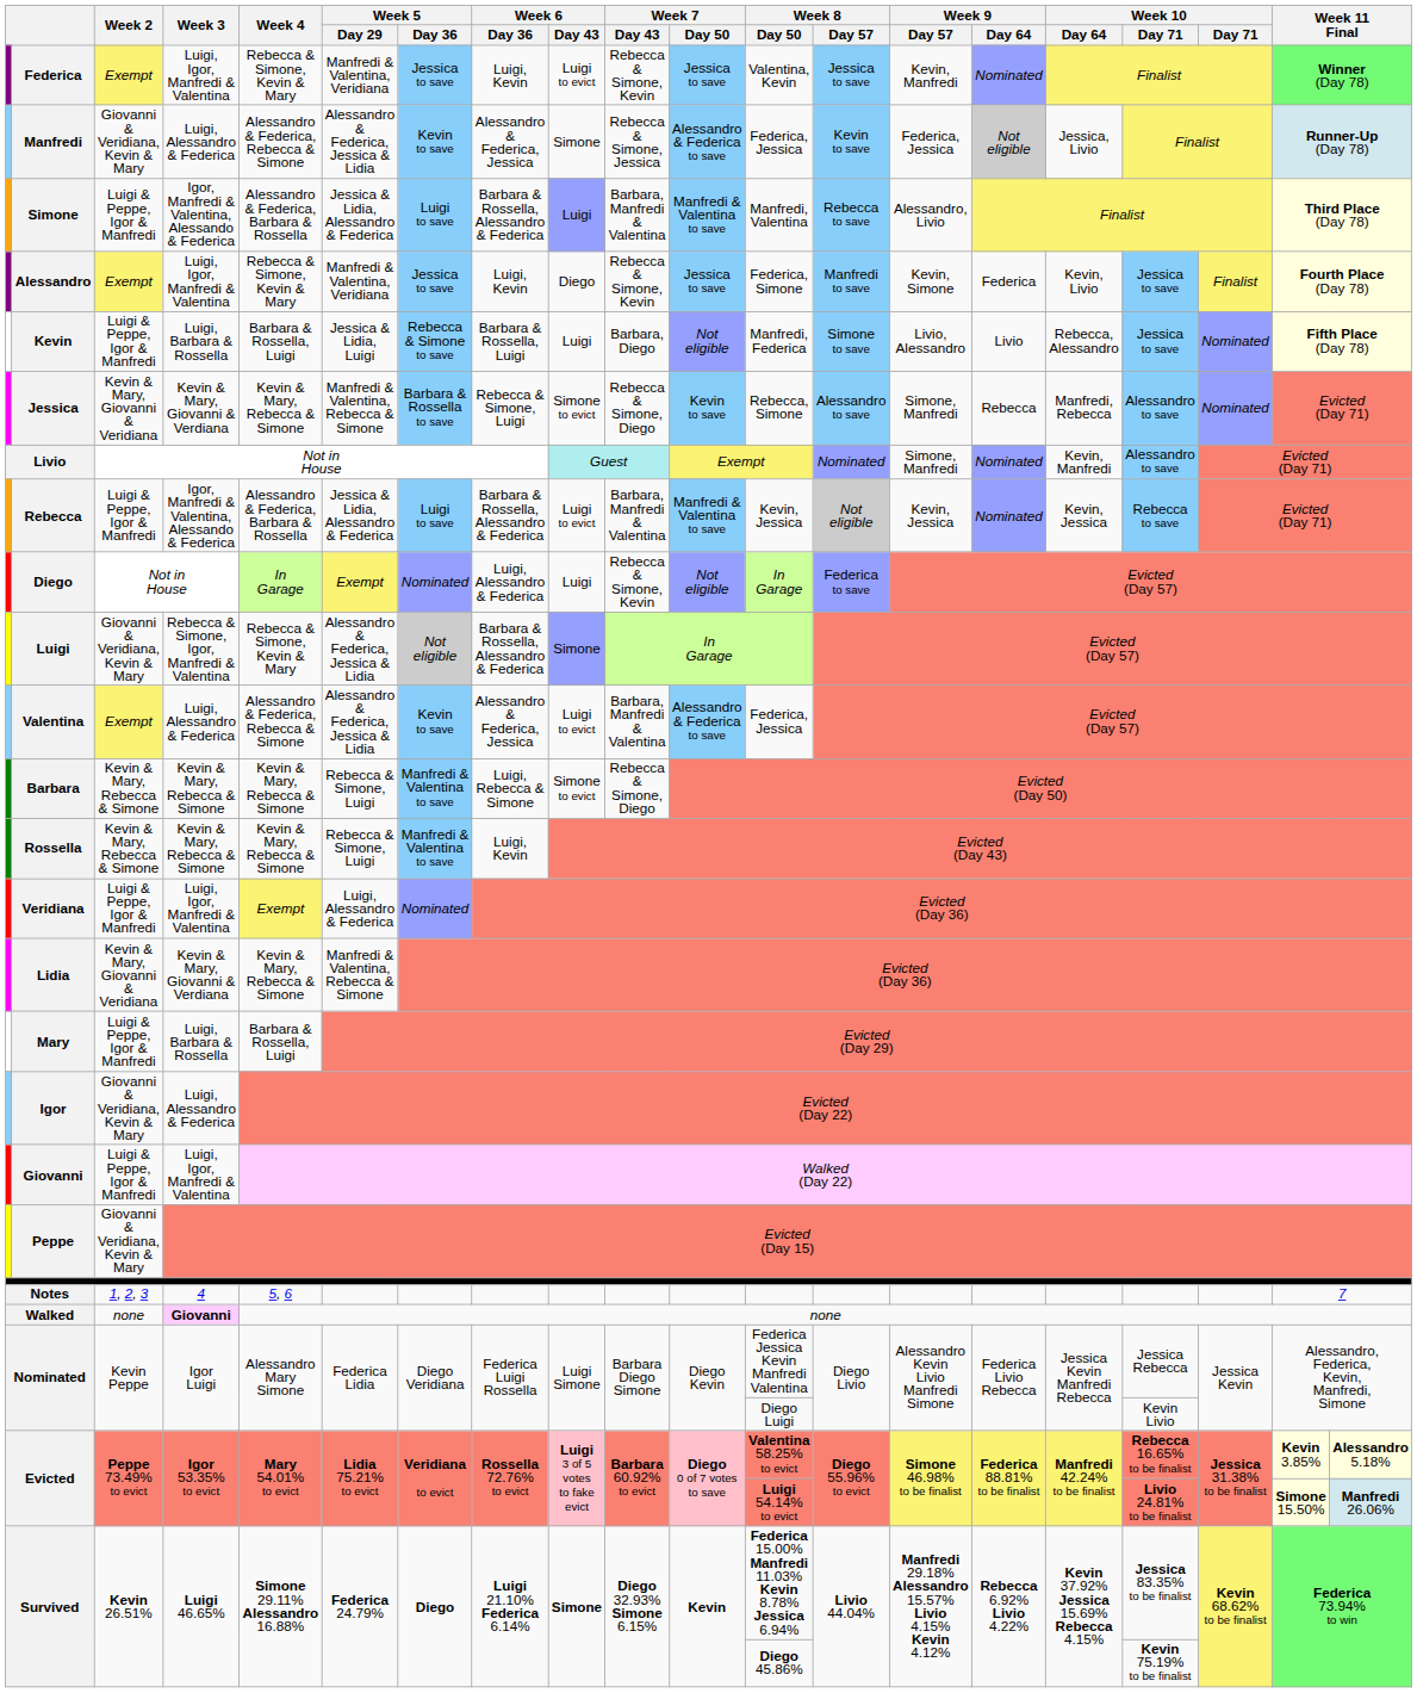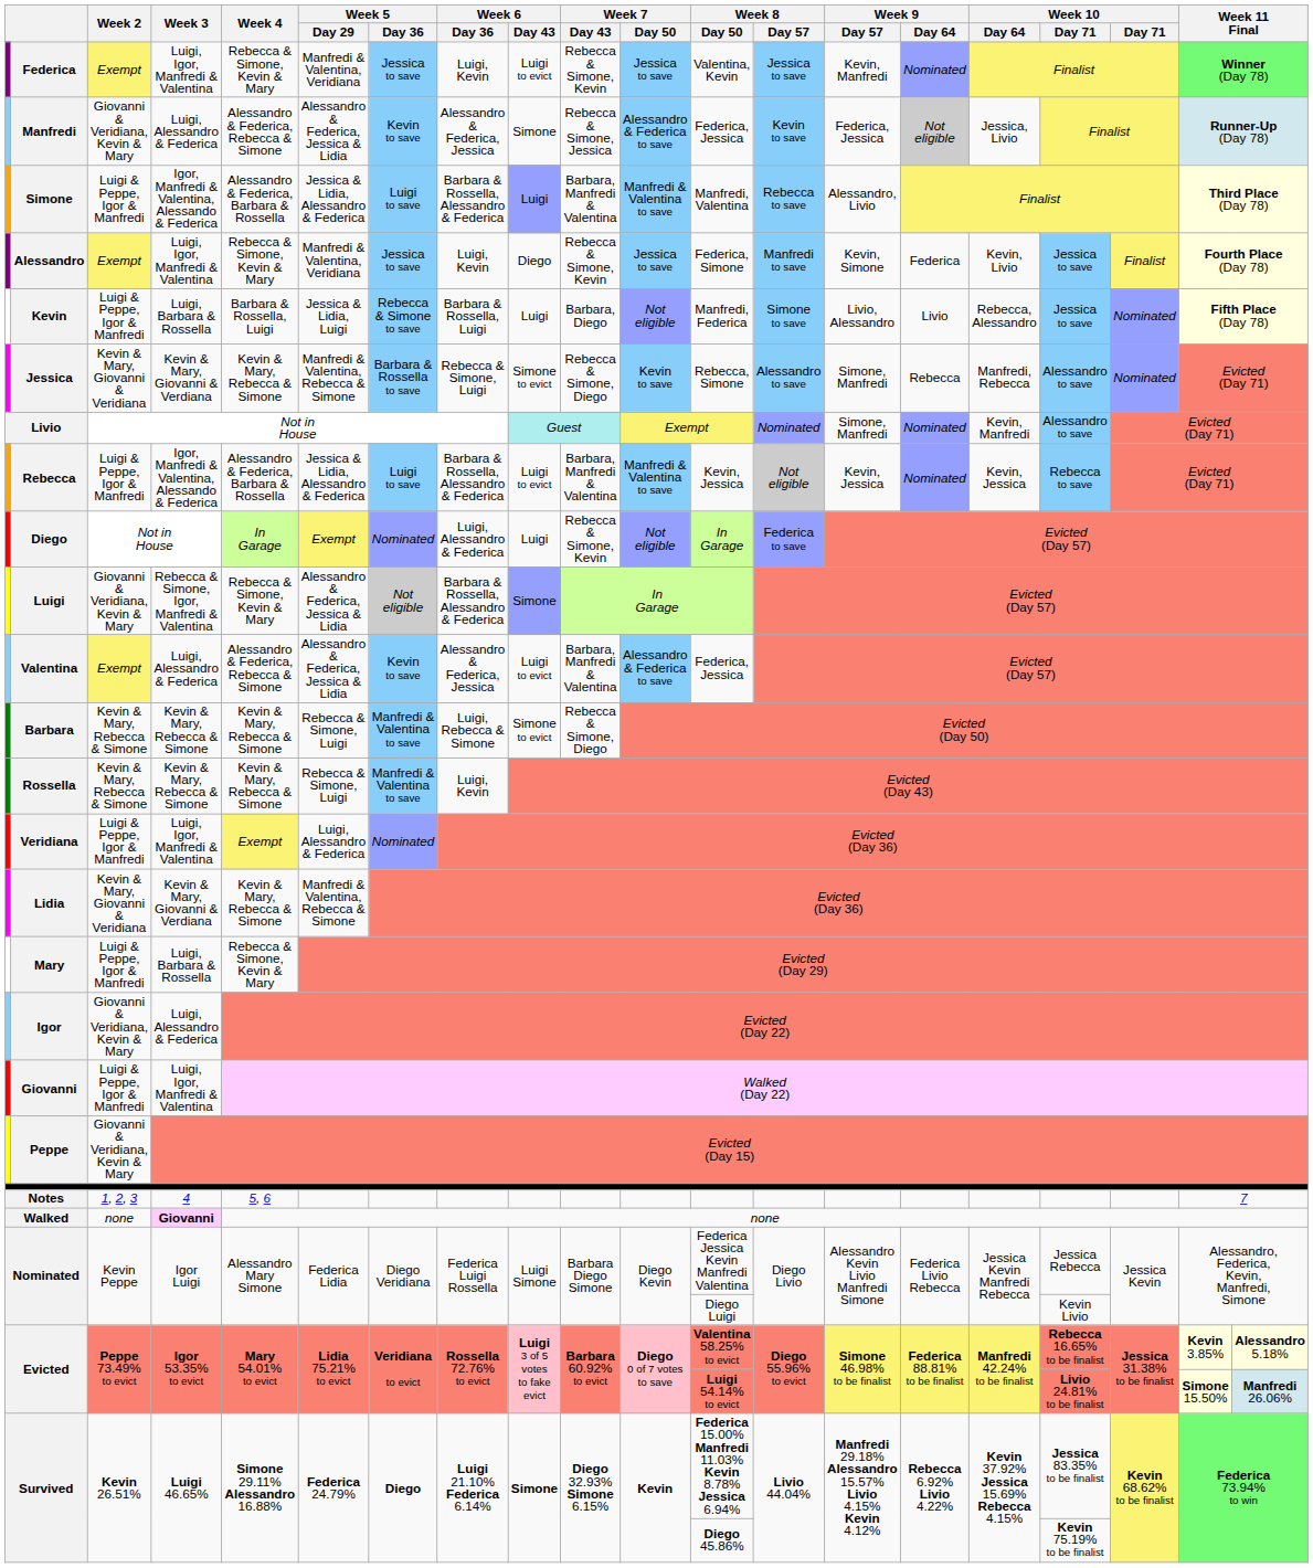 <table class="wikitable" style="text-align:center; width:100%; font-size:85%; line-height:13px;">
 <tr>
 <th style="width:5%;" rowspan="2" colspan="2"></th>
 <th style="width:5%;" rowspan="2">Week 2</th>
 <th style="width:5%;" rowspan="2">Week 3</th>
 <th style="width:5%;" rowspan="2">Week 4</th>
 <th style="width:5%;" colspan="2">Week 5</th>
 <th style="width:5%;" colspan="2">Week 6</th>
 <th style="width:5%;" colspan="2">Week 7</th>
 <th style="width:5%;" colspan="2">Week 8</th>
 <th style="width:5%;" colspan="2">Week 9</th>
 <th style="width:5%;" colspan="3">Week 10</th>
 <th style="width:5%;" rowspan="2" colspan="2">Week 11<br>Final</th>
 </tr>
 <tr>
 <th style="width:5%;">Day 29</th>
 <th style="width:5%;">Day 36</th>
 <th style="width:5%;">Day 36</th>
 <th style="width:5%;">Day 43</th>
 <th style="width:5%;">Day 43</th>
 <th style="width:5%;">Day 50</th>
 <th style="width:5%;">Day 50</th>
 <th style="width:5%;">Day 57</th>
 <th style="width:5%;">Day 57</th>
 <th style="width:5%;">Day 64</th>
 <th style="width:5%;">Day 64</th>
 <th style="width:5%;">Day 71</th>
 <th style="width:5%;">Day 71</th>
 </tr>
 <tr>
 <td style="background:#800080"></td>
 <th>Federica</th>
 <td style="background:#FBF373;"><em>Exempt</em></td>
 <td>Luigi,<br>Igor,<br>Manfredi & Valentina</td>
 <td>Rebecca & Simone,<br>Kevin & Mary</td>
 <td>Manfredi & Valentina,<br>Veridiana</td>
 <td style="background:#87CEFA">Jessica<br><small>to save</small></td>
 <td>Luigi,<br>Kevin</td>
 <td>Luigi<br><small>to evict</small></td>
 <td>Rebecca & Simone,<br>Kevin</td>
 <td style="background:#87CEFA">Jessica<br><small>to save</small></td>
 <td>Valentina,<br>Kevin</td>
 <td style="background:#87CEFA">Jessica<br><small>to save</small></td>
 <td>Kevin,<br>Manfredi</td>
 <td style="background:#959ffd"><em>Nominated</em></td>
 <td colspan=3 style="background:#FBF373;"><em>Finalist</em></td>
 <td style="background:#73FB76;" colspan="2"><strong>Winner</strong><br>(Day 78)</td>
 </tr>
 <tr>
 <td style="background:#87CEFA"></td>
 <th>Manfredi</th>
 <td>Giovanni & Veridiana,<br>Kevin & Mary</td>
 <td>Luigi,<br>Alessandro & Federica</td>
 <td>Alessandro & Federica,<br>Rebecca & Simone</td>
 <td>Alessandro & Federica,<br>Jessica & Lidia</td>
 <td style="background:#87CEFA">Kevin<br><small>to save</small></td>
 <td>Alessandro & Federica,<br>Jessica</td>
 <td>Simone</td>
 <td>Rebecca & Simone,<br>Jessica</td>
 <td style="background:#87CEFA">Alessandro & Federica<br><small>to save</small></td>
 <td>Federica,<br>Jessica</td>
 <td style="background:#87CEFA">Kevin<br><small>to save</small></td>
 <td>Federica,<br>Jessica</td>
 <td style="background:#ccc"><em>Not<br>eligible</em></td>
 <td>Jessica,<br>Livio</td>
 <td colspan="2" style="background:#FBF373;"><em>Finalist</em></td>
 <td style="background:#D1E8EF;" colspan="2"><strong>Runner-Up</strong><br>(Day 78)</td>
 </tr>
 <tr>
 <td bgcolor="orange"></td>
 <th>Simone</th>
 <td>Luigi & Peppe,<br>Igor & Manfredi</td>
 <td>Igor,<br>Manfredi & Valentina,<br>Alessando & Federica</td>
 <td>Alessandro & Federica,<br>Barbara & Rossella</td>
 <td>Jessica & Lidia,<br>Alessandro & Federica</td>
 <td style="background:#87CEFA">Luigi<br><small>to save</small></td>
 <td>Barbara & Rossella,<br>Alessandro & Federica</td>
 <td style="background:#959ffd">Luigi</td>
 <td>Barbara,<br>Manfredi & Valentina</td>
 <td style="background:#87CEFA">Manfredi & Valentina<br><small>to save</small></td>
 <td>Manfredi,<br>Valentina</td>
 <td style="background:#87CEFA">Rebecca<br><small>to save</small></td>
 <td>Alessandro,<br>Livio</td>
 <td colspan="4" style="background:#FBF373;"><em>Finalist</em></td>
 <td style="background:#FFFFDD;" colspan="2"><strong>Third Place</strong><br>(Day 78)</td>
 </tr>
 <tr>
 <td style="background:#800080"></td>
 <th>Alessandro</th>
 <td style="background:#FBF373;"><em>Exempt</em></td>
 <td>Luigi,<br>Igor,<br>Manfredi & Valentina</td>
 <td>Rebecca & Simone,<br>Kevin & Mary</td>
 <td>Manfredi & Valentina,<br>Veridiana</td>
 <td style="background:#87CEFA">Jessica<br><small>to save</small></td>
 <td>Luigi,<br>Kevin</td>
 <td>Diego</td>
 <td>Rebecca & Simone,<br>Kevin</td>
 <td style="background:#87CEFA">Jessica<br><small>to save</small></td>
 <td>Federica,<br>Simone</td>
 <td style="background:#87CEFA">Manfredi<br><small>to save</small></td>
 <td>Kevin,<br>Simone</td>
 <td>Federica</td>
 <td>Kevin,<br>Livio</td>
 <td style="background:#87CEFA">Jessica<br><small>to save</small></td>
 <td style="background:#FBF373;"><em>Finalist</em></td>
 <td style="background:#FFFFDD;" colspan="2"><strong>Fourth Place</strong><br>(Day 78)</td>
 </tr>
 <tr>
 <td bgcolor="white"></td>
 <th>Kevin</th>
 <td>Luigi & Peppe,<br>Igor & Manfredi</td>
 <td>Luigi,<br>Barbara & Rossella</td>
 <td>Barbara & Rossella,<br>Luigi</td>
 <td>Jessica & Lidia,<br>Luigi</td>
 <td style="background:#87CEFA">Rebecca & Simone<br><small>to save</small></td>
 <td>Barbara & Rossella,<br>Luigi</td>
 <td>Luigi</td>
 <td>Barbara,<br>Diego</td>
 <td style="background:#959ffd"><em>Not<br>eligible</em></td>
 <td>Manfredi,<br>Federica</td>
 <td style="background:#87CEFA">Simone<br><small>to save</small></td>
 <td>Livio,<br>Alessandro</td>
 <td>Livio</td>
 <td>Rebecca,<br>Alessandro</td>
 <td style="background:#87CEFA">Jessica<br><small>to save</small></td>
 <td style="background:#959ffd"><em>Nominated</em></td>
 <td style="background:#FFFFDD;" colspan="2"><strong>Fifth Place</strong><br>(Day 78)</td>
 </tr>
 <tr>
 <td style="background:#FF00FF"></td>
 <th>Jessica</th>
 <td>Kevin & Mary,<br>Giovanni & Veridiana</td>
 <td>Kevin & Mary,<br>Giovanni & Verdiana</td>
 <td>Kevin & Mary,<br>Rebecca & Simone</td>
 <td>Manfredi & Valentina,<br>Rebecca & Simone</td>
 <td style="background:#87CEFA">Barbara & Rossella<br><small>to save</small></td>
 <td>Rebecca & Simone,<br>Luigi</td>
 <td>Simone<br><small>to evict</small></td>
 <td>Rebecca & Simone,<br>Diego</td>
 <td style="background:#87CEFA">Kevin<br><small>to save</small></td>
 <td>Rebecca,<br>Simone</td>
 <td style="background:#87CEFA">Alessandro<br><small>to save</small></td>
 <td>Simone,<br>Manfredi</td>
 <td>Rebecca</td>
 <td>Manfredi,<br>Rebecca</td>
 <td style="background:#87CEFA">Alessandro<br><small>to save</small></td>
 <td style="background:#959ffd"><em>Nominated</em></td>
 <td style="background:#FA8072" colspan="2"><em>Evicted</em><br>(Day 71)</td>
 </tr>
 <tr>
 <th colspan=2>Livio</th>
 <td style=background:white colspan="6"><em>Not in<br>House</em></td>
 <td colspan=2 style="background:#AFEEEE"><em>Guest</em></td>
 <td colspan=2 style="background:#FBF373;"><em>Exempt</em></td>
 <td style="background:#959ffd"><em>Nominated</em></td>
 <td>Simone,<br>Manfredi</td>
 <td style="background:#959ffd"><em>Nominated</em></td>
 <td>Kevin,<br>Manfredi</td>
 <td style="background:#87CEFA">Alessandro<br><small>to save</small></td>
 <td style="background:#FA8072" colspan="3"><em>Evicted</em><br>(Day 71)</td>
 </tr>
 <tr>
 <td bgcolor="orange"></td>
 <th>Rebecca</th>
 <td>Luigi & Peppe,<br>Igor & Manfredi</td>
 <td>Igor,<br>Manfredi & Valentina,<br>Alessando & Federica</td>
 <td>Alessandro & Federica,<br>Barbara & Rossella</td>
 <td>Jessica & Lidia,<br>Alessandro & Federica</td>
 <td style="background:#87CEFA">Luigi<br><small>to save</small></td>
 <td>Barbara & Rossella,<br>Alessandro & Federica</td>
 <td>Luigi<br><small>to evict</small></td>
 <td>Barbara,<br>Manfredi & Valentina</td>
 <td style="background:#87CEFA">Manfredi & Valentina<br><small>to save</small></td>
 <td>Kevin,<br>Jessica</td>
 <td style="background:#ccc"><em>Not<br>eligible</em></td>
 <td>Kevin,<br>Jessica</td>
 <td style="background:#959ffd"><em>Nominated</em></td>
 <td>Kevin,<br>Jessica</td>
 <td style="background:#87CEFA">Rebecca<br><small>to save</small></td>
 <td colspan="3" style="background:#FA8072"><em>Evicted</em><br>(Day 71)</td>
 </tr>
 <tr>
 <td style="background:#FF0000"></td>
 <th>Diego</th>
 <td style=background:white colspan="2"><em>Not in<br>House</em></td>
 <td style="background:#CCFF99"><em>In<br>Garage</em></td>
 <td style="background:#FBF373;"><em>Exempt</em></td>
 <td style="background:#959ffd"><em>Nominated</em></td>
 <td>Luigi,<br>Alessandro & Federica</td>
 <td>Luigi</td>
 <td>Rebecca & Simone,<br>Kevin</td>
 <td style="background:#959ffd"><em>Not<br>eligible</em></td>
 <td style="background:#CCFF99"><em>In<br>Garage</em></td>
 <td style="background:#959ffd">Federica<br><small>to save</small></td>
 <td style="background:#FA8072" colspan="7"><em>Evicted</em><br>(Day 57)</td>
 </tr>
 <tr>
 <td style="background:#FFFF00"></td>
 <th>Luigi</th>
 <td>Giovanni & Veridiana,<br>Kevin & Mary</td>
 <td>Rebecca & Simone,<br>Igor,<br>Manfredi & Valentina</td>
 <td>Rebecca & Simone,<br>Kevin & Mary</td>
 <td>Alessandro & Federica,<br>Jessica & Lidia</td>
 <td style="background:#ccc"><em>Not<br>eligible</em></td>
 <td>Barbara & Rossella,<br>Alessandro & Federica</td>
 <td style="background:#959ffd">Simone</td>
 <td colspan=3 style="background:#CCFF99"><em>In<br>Garage</em></td>
 <td style="background:#FA8072" colspan="8"><em>Evicted</em><br>(Day 57)</td>
 </tr>
 <tr>
 <td style="background:#87CEFA"></td>
 <th>Valentina</th>
 <td style="background:#FBF373;"><em>Exempt</em></td>
 <td>Luigi,<br>Alessandro & Federica</td>
 <td>Alessandro & Federica,<br>Rebecca & Simone</td>
 <td>Alessandro & Federica,<br>Jessica & Lidia</td>
 <td style="background:#87CEFA">Kevin<br><small>to save</small></td>
 <td>Alessandro & Federica,<br>Jessica</td>
 <td>Luigi<br><small>to evict</small></td>
 <td>Barbara,<br>Manfredi & Valentina</td>
 <td style="background:#87CEFA">Alessandro & Federica<br><small>to save</small></td>
 <td>Federica,<br>Jessica</td>
 <td colspan="8" style="background:#FA8072"><em>Evicted</em><br>(Day 57)</td>
 </tr>
 <tr>
 <td style="background:#008000"></td>
 <th>Barbara</th>
 <td>Kevin & Mary,<br>Rebecca & Simone</td>
 <td>Kevin & Mary,<br>Rebecca & Simone</td>
 <td>Kevin & Mary,<br>Rebecca & Simone</td>
 <td>Rebecca & Simone,<br>Luigi</td>
 <td style="background:#87CEFA">Manfredi & Valentina<br><small>to save</small></td>
 <td>Luigi,<br>Rebecca & Simone</td>
 <td>Simone<br><small>to evict</small></td>
 <td>Rebecca & Simone,<br>Diego</td>
 <td colspan="10" style="background:#FA8072"><em>Evicted</em><br>(Day 50)</td>
 </tr>
 <tr>
 <td style="background:#008000"></td>
 <th>Rossella</th>
 <td>Kevin & Mary,<br>Rebecca & Simone</td>
 <td>Kevin & Mary,<br>Rebecca & Simone</td>
 <td>Kevin & Mary,<br>Rebecca & Simone</td>
 <td>Rebecca & Simone,<br>Luigi</td>
 <td style="background:#87CEFA">Manfredi & Valentina<br><small>to save</small></td>
 <td>Luigi,<br>Kevin</td>
 <td colspan="12" style="background:#FA8072"><em>Evicted</em><br>(Day 43)</td>
 </tr>
 <tr>
 <td style="background:#FF0000"></td>
 <th>Veridiana</th>
 <td>Luigi & Peppe,<br>Igor & Manfredi</td>
 <td>Luigi,<br>Igor,<br>Manfredi & Valentina</td>
 <td style="background:#FBF373;"><em>Exempt</em></td>
 <td>Luigi,<br>Alessandro & Federica</td>
 <td style="background:#959ffd"><em>Nominated</em></td>
 <td style="background:#FA8072" colspan="13"><em>Evicted</em><br>(Day 36)</td>
 </tr>
 <tr>
 <td style="background:#FF00FF"></td>
 <th>Lidia</th>
 <td>Kevin & Mary,<br>Giovanni & Veridiana</td>
 <td>Kevin & Mary,<br>Giovanni & Verdiana</td>
 <td>Kevin & Mary,<br>Rebecca & Simone</td>
 <td>Manfredi & Valentina,<br>Rebecca & Simone</td>
 <td colspan="14" style="background:#FA8072"><em>Evicted</em><br>(Day 36)</td>
 </tr>
 <tr>
 <td bgcolor="white"></td>
 <th>Mary</th>
 <td>Luigi & Peppe,<br>Igor & Manfredi</td>
 <td>Luigi,<br>Barbara & Rossella</td>
-<td>Barbara & Rossella,<br>Luigi</td>
+<td>Rebecca & Simone,<br>Kevin & Mary</td>
 <td colspan="15" style="background:#FA8072"><em>Evicted</em><br>(Day 29)</td>
 </tr>
 <tr>
 <td style="background:#87CEFA"></td>
 <th>Igor</th>
 <td>Giovanni & Veridiana,<br>Kevin & Mary</td>
 <td>Luigi,<br>Alessandro & Federica</td>
 <td colspan="16" style="background:#FA8072"><em>Evicted</em><br>(Day 22)</td>
 </tr>
 <tr>
 <td style="background:#FF0000"></td>
 <th>Giovanni</th>
 <td>Luigi & Peppe,<br>Igor & Manfredi</td>
 <td>Luigi,<br>Igor,<br>Manfredi & Valentina</td>
 <td colspan="16" style="background:#fcf"><em>Walked</em><br>(Day 22)</td>
 </tr>
 <tr>
 <td style="background:#FFFF00"></td>
 <th>Peppe</th>
 <td>Giovanni & Veridiana,<br>Kevin & Mary</td>
 <td colspan="17" style="background:#FA8072"><em>Evicted</em><br>(Day 15)</td>
 </tr>
 <tr>
 <td colspan="20" bgcolor="black"></td>
 </tr>
 <tr>
 <th colspan=2>Notes</th>
 <td><em><a href='#'>1</a>, <a href='#'>2</a>, <a href='#'>3</a></em></td>
 <td><em><a href='#'>4</a></em></td>
 <td><em><a href='#'>5</a>, <a href='#'>6</a></em></td>
 <td></td>
 <td></td>
 <td></td>
 <td></td>
 <td></td>
 <td></td>
 <td></td>
 <td></td>
 <td></td>
 <td></td>
 <td></td>
 <td></td>
 <td></td>
 <td colspan=2><em><a href='#'>7</a></em></td>
 </tr>
 <tr>
 <th colspan=2>Walked</th>
 <td><em>none</em></td>
 <td style="background:#fcf;"><strong>Giovanni</strong></td>
 <td colspan="16"><em>none</em></td>
 </tr>
 <tr>
 <th rowspan=2 colspan=2>Nominated</th>
 <td rowspan=2>Kevin<br>Peppe</td>
 <td rowspan=2>Igor<br>Luigi</td>
 <td rowspan=2>Alessandro<br>Mary<br>Simone</td>
 <td rowspan=2>Federica<br>Lidia</td>
 <td rowspan=2>Diego<br>Veridiana</td>
 <td rowspan=2>Federica<br>Luigi<br>Rossella</td>
 <td rowspan=2>Luigi<br>Simone</td>
 <td rowspan=2>Barbara<br>Diego<br>Simone</td>
 <td rowspan=2>Diego<br>Kevin</td>
 <td>Federica<br>Jessica<br>Kevin<br>Manfredi<br>Valentina</td>
 <td rowspan=2>Diego<br>Livio</td>
 <td rowspan=2>Alessandro<br>Kevin<br>Livio<br>Manfredi<br>Simone</td>
 <td rowspan=2>Federica<br>Livio<br>Rebecca</td>
 <td rowspan=2>Jessica<br>Kevin<br>Manfredi<br>Rebecca</td>
 <td>Jessica<br>Rebecca</td>
 <td rowspan=2>Jessica<br>Kevin</td>
 <td colspan=2 rowspan=2>Alessandro,<br>Federica,<br>Kevin,<br>Manfredi,<br>Simone</td>
 </tr>
 <tr>
 <td>Diego<br>Luigi</td>
 <td>Kevin<br>Livio</td>
 </tr>
 <tr>
 <th rowspan=2 colspan=2>Evicted</th>
 <td rowspan=2 style="background:#FA8072"><strong>Peppe</strong><br>73.49%<br><small>to evict</small></td>
 <td rowspan=2 style="background:#FA8072"><strong>Igor</strong><br>53.35%<br><small>to evict</small></td>
 <td rowspan=2 style="background:#FA8072"><strong>Mary</strong><br>54.01%<br><small>to evict</small></td>
 <td rowspan=2 style="background:#FA8072"><strong>Lidia</strong><br>75.21%<br><small>to evict</small></td>
 <td rowspan=2 style="background:#FA8072"><strong>Veridiana</strong><br><small><br>to evict</small></td>
 <td rowspan=2 style="background:#FA8072"><strong>Rossella</strong><br>72.76%<br><small>to evict</small></td>
 <td rowspan=2 style="background:#FFC0CB"><strong>Luigi</strong><br><small>3 of 5 votes<br>to fake evict</small></td>
 <td rowspan=2 style="background:#FA8072"><strong>Barbara</strong><br>60.92%<br><small>to evict</small></td>
 <td rowspan=2 style="background:#FFC0CB"><strong>Diego</strong><br><small>0 of 7 votes<br>to save</small></td>
 <td style="background:#FA8072"><strong>Valentina</strong><br>58.25%<br><small>to evict</small></td>
 <td rowspan=2 style="background:#FA8072"><strong>Diego</strong><br>55.96%<br><small>to evict</small></td>
 <td rowspan=2 style="background:#FBF373"><strong>Simone</strong><br>46.98%<br><small>to be finalist</small></td>
 <td rowspan=2 style="background:#FBF373"><strong>Federica</strong><br>88.81%<br><small>to be finalist</small></td>
 <td rowspan=2 style="background:#FBF373"><strong>Manfredi</strong><br>42.24%<br><small>to be finalist</small></td>
 <td style="background:#FA8072"><strong>Rebecca</strong><br>16.65%<br><small>to be finalist</small></td>
 <td rowspan=2 style="background:#FA8072"><strong>Jessica</strong><br>31.38%<br><small>to be finalist</small></td>
 <td style="background:#FFFFDD"><strong>Kevin</strong><br>3.85%<br><small></small></td>
 <td style="background:#FFFFDD"><strong>Alessandro</strong><br>5.18%<br><small></small></td>
 </tr>
 <tr>
 <td style="background:#FA8072"><strong>Luigi</strong><br>54.14%<br><small>to evict</small></td>
 <td style="background:#FA8072"><strong>Livio</strong><br>24.81%<br><small>to be finalist</small></td>
 <td style="background:#FFFFDD"><strong>Simone</strong><br>15.50%<br><small></small></td>
 <td style="background:#D1E8EF"><strong>Manfredi</strong><br>26.06%<br><small></small></td>
 </tr>
 <tr>
 <th rowspan=3 colspan=2>Survived</th>
 <td rowspan=3><strong>Kevin</strong><br>26.51%</td>
 <td rowspan=3><strong>Luigi</strong><br>46.65%</td>
 <td rowspan=3><strong>Simone</strong><br>29.11%<br><strong>Alessandro</strong><br>16.88%</td>
 <td rowspan=3><strong>Federica</strong><br>24.79%</td>
 <td rowspan=3><strong>Diego</strong></td>
 <td rowspan=3><strong>Luigi</strong><br>21.10%<br><strong>Federica</strong><br>6.14%</td>
 <td rowspan=3><strong>Simone</strong><br><small></small></td>
 <td rowspan=3><strong>Diego</strong><br>32.93%<br><strong>Simone</strong><br>6.15%</td>
 <td rowspan=3><strong>Kevin</strong></td>
 <td><strong>Federica</strong><br>15.00%<br><strong>Manfredi</strong><br>11.03%<br><strong>Kevin</strong><br>8.78%<br><strong>Jessica</strong><br>6.94%</td>
 <td rowspan=3><strong>Livio</strong><br>44.04%</td>
 <td rowspan=3><strong>Manfredi</strong><br>29.18%<br><strong>Alessandro</strong><br>15.57%<br><strong>Livio</strong><br>4.15%<br><strong>Kevin</strong><br>4.12%</td>
 <td rowspan=3><strong>Rebecca</strong><br>6.92%<br><strong>Livio</strong><br>4.22%</td>
 <td rowspan=3><strong>Kevin</strong><br>37.92%<br><strong>Jessica</strong><br>15.69%<br><strong>Rebecca</strong><br>4.15%</td>
 <td><strong>Jessica</strong><br>83.35%<br><small>to be finalist</small></td>
 <td rowspan=3 style="background:#FBF373"><strong>Kevin</strong><br>68.62%<br><small>to be finalist</small></td>
 <td style="background:#73FB76;" rowspan=3 colspan=4><strong>Federica</strong><br>73.94%<br><small>to win</small></td>
 </tr>
 <tr>
 <td><strong>Diego</strong><br>45.86%</td>
 <td><strong>Kevin</strong><br>75.19%<br><small>to be finalist</small></td>
 </tr>
 </table>
